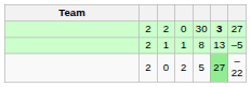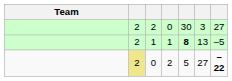 <table class=wikitable style="text-align:center">
 <tr>
 <th width=200>Team</th>
 <th width=20></th>
 <th width=20></th>
 <th width=20></th>
 <th width=20></th>
 <th width=20></th>
 <th width=20></th>
 </tr>
 <tr bgcolor=ccffcc>
 <td style="text-align:left"></td>
 <td>2</td>
 <td>2</td>
 <td>0</td>
 <td>30</td>
-<td><strong>3</strong></td>
+<td>3</td>
 <td>27</td>
 </tr>
 <tr bgcolor=ccffcc>
 <td style="text-align:left"></td>
 <td>2</td>
 <td>1</td>
 <td>1</td>
-<td>8</td>
+<td><strong>8</strong></td>
 <td>13</td>
 <td>–5</td>
 </tr>
 <tr>
 <td style="text-align:left"></td>
-<td>2</td>
+<td style="background: khaki;">2</td>
 <td>0</td>
 <td>2</td>
 <td>5</td>
-<td style="background: lightgreen;">27</td>
-<td>–22</td>
+<td>27</td>
+<td><strong>–22</strong></td>
 </tr>
 </table>
